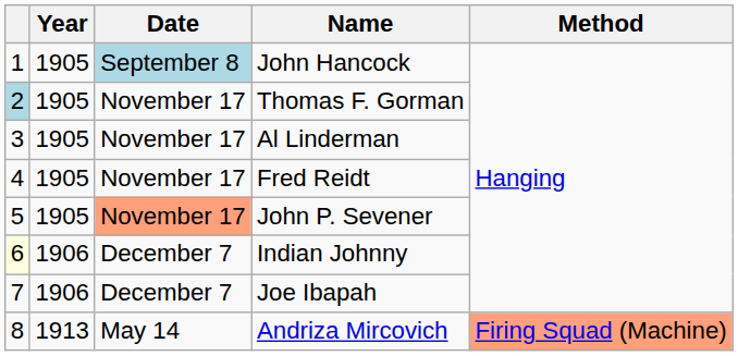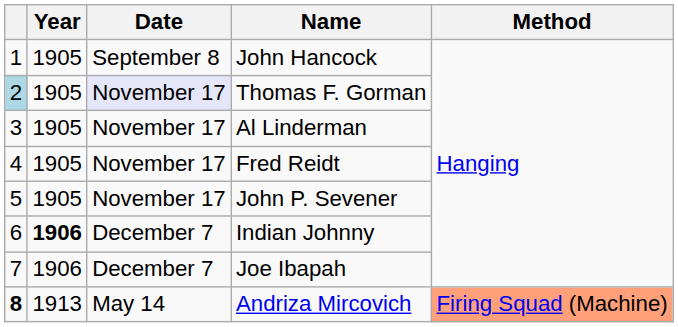 <table class="wikitable">
 <tr>
 <th></th>
 <th>Year</th>
 <th>Date</th>
 <th>Name</th>
 <th>Method</th>
 </tr>
 <tr>
 <td>1</td>
 <td>1905</td>
-<td style="background: lightblue;">September 8</td>
+<td>September 8</td>
 <td>John Hancock</td>
 <td rowspan="7"><a href='#'>Hanging</a></td>
 </tr>
 <tr>
 <td style="background: lightblue;">2</td>
 <td>1905</td>
-<td>November 17</td>
+<td style="background: lavender;">November 17</td>
 <td>Thomas F. Gorman</td>
 </tr>
 <tr>
 <td>3</td>
 <td>1905</td>
 <td>November 17</td>
 <td>Al Linderman</td>
 </tr>
 <tr>
 <td>4</td>
 <td>1905</td>
 <td>November 17</td>
 <td>Fred Reidt</td>
 </tr>
 <tr>
 <td>5</td>
 <td>1905</td>
-<td style="background: lightsalmon;">November 17</td>
+<td>November 17</td>
 <td>John P. Sevener</td>
 </tr>
 <tr>
-<td style="background: lightyellow;">6</td>
-<td>1906</td>
+<td>6</td>
+<td><strong>1906</strong></td>
 <td>December 7</td>
 <td>Indian Johnny</td>
 </tr>
 <tr>
 <td>7</td>
 <td>1906</td>
 <td>December 7</td>
 <td>Joe Ibapah</td>
 </tr>
 <tr>
-<td>8</td>
+<td><strong>8</strong></td>
 <td>1913</td>
 <td>May 14</td>
 <td><a href='#'>Andriza Mircovich</a></td>
 <td style="background: lightsalmon;"><a href='#'>Firing Squad</a> (Machine)</td>
 </tr>
 </table>
